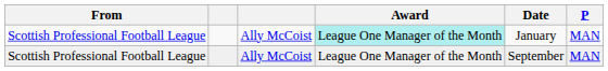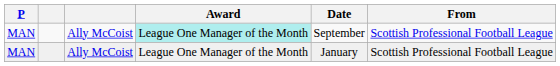 <table class="wikitable sortable" style="text-align: center;">
 <tr>
-<th>From</th>
+<th width=28><a href='#'>P</a><br></th>
 <th width=28><br></th>
 <th><br></th>
 <th>Award</th>
 <th>Date</th>
-<th width=28><a href='#'>P</a><br></th>
+<th>From</th>
 </tr>
 <tr>
-<td><a href='#'>Scottish Professional Football League</a></td>
+<td><a href='#'>MAN</a></td>
 <td></td>
 <td><a href='#'>Ally McCoist</a></td>
 <td style="background: paleturquoise;">League One Manager of the Month</td>
-<td>January</td>
-<td><a href='#'>MAN</a></td>
+<td>September</td>
+<td><a href='#'>Scottish Professional Football League</a></td>
 </tr>
 <tr bgcolor = "#F0F0F0">
-<td>Scottish Professional Football League</td>
+<td><a href='#'>MAN</a></td>
 <td></td>
 <td><a href='#'>Ally McCoist</a></td>
 <td>League One Manager of the Month</td>
-<td>September</td>
-<td><a href='#'>MAN</a></td>
+<td>January</td>
+<td>Scottish Professional Football League</td>
 </tr>
 </table>
